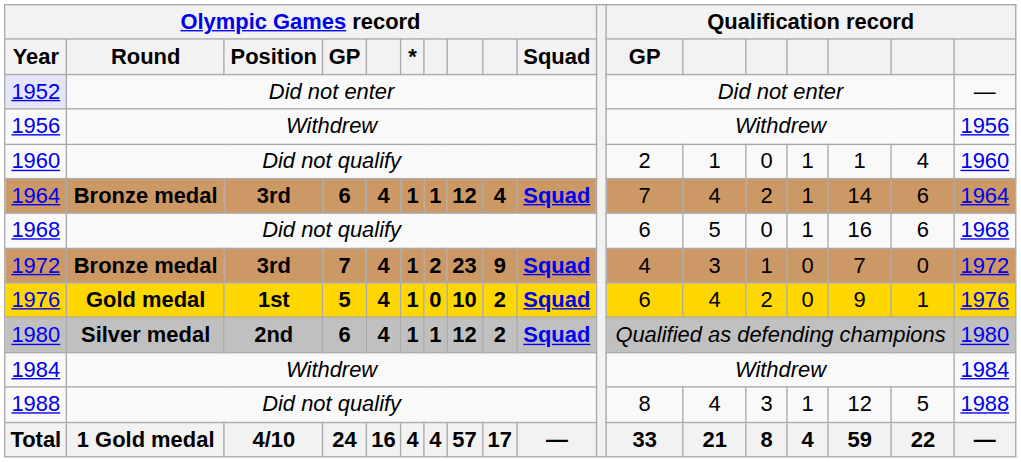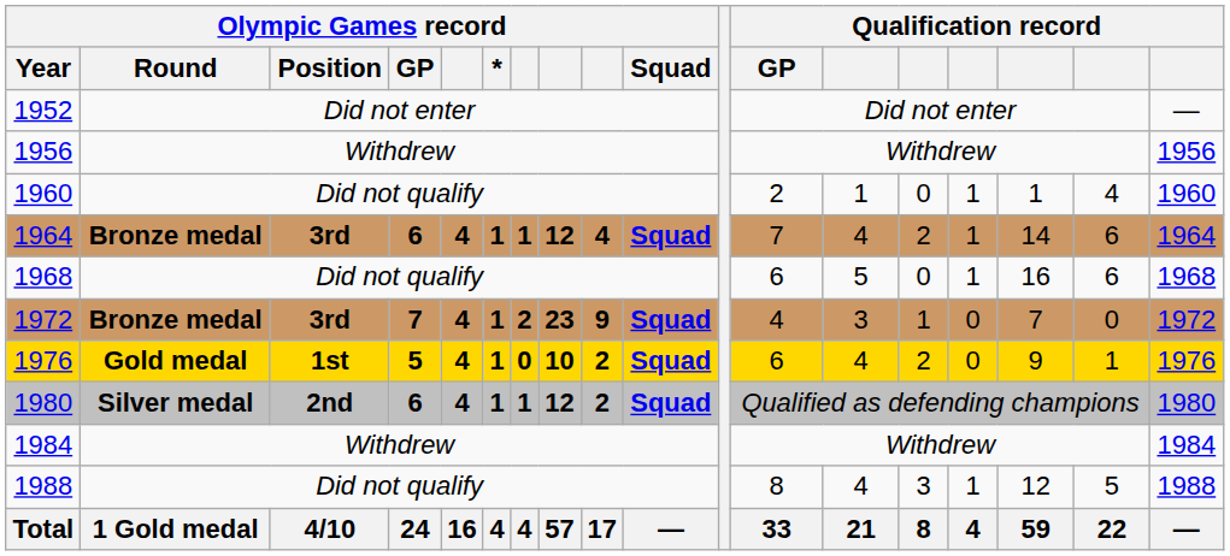 <table class="wikitable" style="text-align: center;">
 <tr>
 <th colspan=10><a href='#'>Olympic Games</a> record</th>
 <th width=1% rowspan=13></th>
 <th colspan=7>Qualification record</th>
 </tr>
 <tr>
 <th>Year</th>
 <th>Round</th>
 <th>Position</th>
 <th>GP</th>
 <th></th>
 <th>*</th>
 <th></th>
 <th></th>
 <th></th>
 <th>Squad</th>
 <th>GP</th>
 <th></th>
 <th></th>
 <th></th>
 <th></th>
 <th></th>
 <th></th>
 </tr>
 <tr>
-<td style="background: lavender;"> <a href='#'>1952</a></td>
+<td> <a href='#'>1952</a></td>
 <td colspan=9><em>Did not enter</em></td>
 <td colspan=6><em>Did not enter</em></td>
 <td>—</td>
 </tr>
 <tr>
 <td> <a href='#'>1956</a></td>
 <td colspan=9><em>Withdrew</em></td>
 <td colspan=6><em>Withdrew</em></td>
 <td><a href='#'>1956</a></td>
 </tr>
 <tr>
 <td> <a href='#'>1960</a></td>
 <td colspan=9><em>Did not qualify</em></td>
 <td>2</td>
 <td>1</td>
 <td>0</td>
 <td>1</td>
 <td>1</td>
 <td>4</td>
 <td><a href='#'>1960</a></td>
 </tr>
 <tr style="background:#c96;">
 <td> <a href='#'>1964</a></td>
 <td><strong>Bronze medal</strong></td>
 <td><strong>3rd</strong></td>
 <td><strong>6</strong></td>
 <td><strong>4</strong></td>
 <td><strong>1</strong></td>
 <td><strong>1</strong></td>
 <td><strong>12</strong></td>
 <td><strong>4</strong></td>
 <td><strong><a href='#'>Squad</a></strong></td>
 <td>7</td>
 <td>4</td>
 <td>2</td>
 <td>1</td>
 <td>14</td>
 <td>6</td>
 <td><a href='#'>1964</a></td>
 </tr>
 <tr>
 <td> <a href='#'>1968</a></td>
 <td colspan=9><em>Did not qualify</em></td>
 <td>6</td>
 <td>5</td>
 <td>0</td>
 <td>1</td>
 <td>16</td>
 <td>6</td>
 <td><a href='#'>1968</a></td>
 </tr>
 <tr style="background:#c96;">
 <td> <a href='#'>1972</a></td>
 <td><strong>Bronze medal</strong></td>
 <td><strong>3rd</strong></td>
 <td><strong>7</strong></td>
 <td><strong>4</strong></td>
 <td><strong>1</strong></td>
 <td><strong>2</strong></td>
 <td><strong>23</strong></td>
 <td><strong>9</strong></td>
 <td><strong><a href='#'>Squad</a></strong></td>
 <td>4</td>
 <td>3</td>
 <td>1</td>
 <td>0</td>
 <td>7</td>
 <td>0</td>
 <td><a href='#'>1972</a></td>
 </tr>
 <tr style="background:gold;">
 <td> <a href='#'>1976</a></td>
 <td><strong>Gold medal</strong></td>
 <td><strong>1st</strong></td>
 <td><strong>5</strong></td>
 <td><strong>4</strong></td>
 <td><strong>1</strong></td>
 <td><strong>0</strong></td>
 <td><strong>10</strong></td>
 <td><strong>2</strong></td>
 <td><strong><a href='#'>Squad</a></strong></td>
 <td>6</td>
 <td>4</td>
 <td>2</td>
 <td>0</td>
 <td>9</td>
 <td>1</td>
 <td><a href='#'>1976</a></td>
 </tr>
 <tr style="background:silver;">
 <td> <a href='#'>1980</a></td>
 <td><strong>Silver medal</strong></td>
 <td><strong>2nd</strong></td>
 <td><strong>6</strong></td>
 <td><strong>4</strong></td>
 <td><strong>1</strong></td>
 <td><strong>1</strong></td>
 <td><strong>12</strong></td>
 <td><strong>2</strong></td>
 <td><strong><a href='#'>Squad</a></strong></td>
 <td colspan=6><em>Qualified as defending champions</em></td>
 <td><a href='#'>1980</a></td>
 </tr>
 <tr>
 <td> <a href='#'>1984</a></td>
 <td colspan=9><em>Withdrew</em></td>
 <td colspan=6><em>Withdrew</em></td>
 <td><a href='#'>1984</a></td>
 </tr>
 <tr>
 <td> <a href='#'>1988</a></td>
 <td colspan=9><em>Did not qualify</em></td>
 <td>8</td>
 <td>4</td>
 <td>3</td>
 <td>1</td>
 <td>12</td>
 <td>5</td>
 <td><a href='#'>1988</a></td>
 </tr>
 <tr>
 <th>Total</th>
 <th>1 Gold medal</th>
 <th>4/10</th>
 <th>24</th>
 <th>16</th>
 <th>4</th>
 <th>4</th>
 <th>57</th>
 <th>17</th>
 <th>—</th>
 <th>33</th>
 <th>21</th>
 <th>8</th>
 <th>4</th>
 <th>59</th>
 <th>22</th>
 <th>—</th>
 </tr>
 </table>
